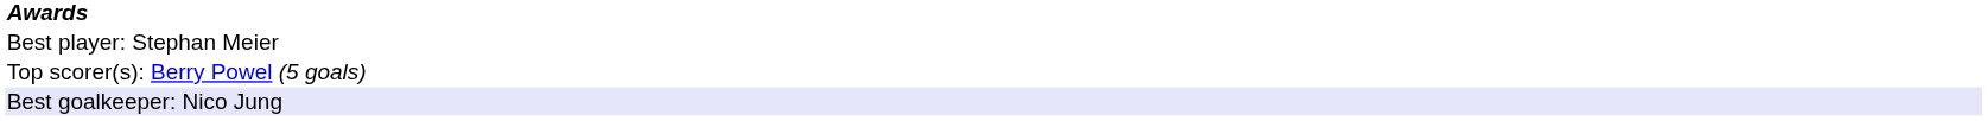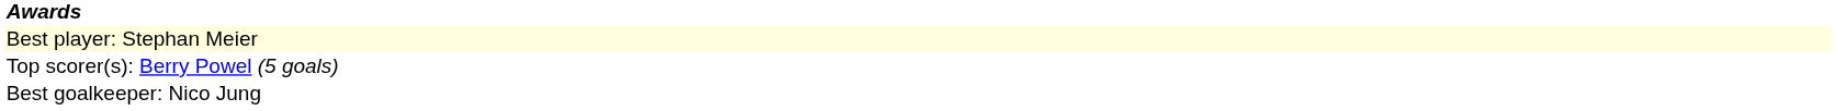 <table width=100% cellspacing=1 style="font-size: 90%;">
 <tr>
 <td><strong><em>Awards</em></strong></td>
 </tr>
 <tr>
-<td>Best player:  Stephan Meier</td>
+<td style="background: lightyellow;">Best player:  Stephan Meier</td>
 </tr>
 <tr>
 <td colspan=4>Top scorer(s):  <a href='#'>Berry Powel</a> <em>(5 goals)</em></td>
 </tr>
 <tr>
-<td style="background: lavender;">Best goalkeeper:  Nico Jung</td>
+<td>Best goalkeeper:  Nico Jung</td>
 </tr>
 </table>
